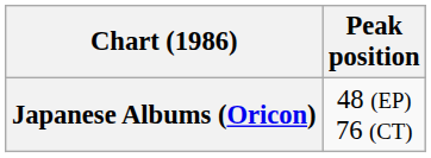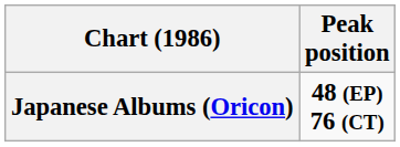 <table class="wikitable plainrowheaders" style="text-align:center">
 <tr>
 <th scope="col">Chart (1986)</th>
 <th scope="col">Peak<br> position</th>
 </tr>
 <tr>
 <th scope="row">Japanese Albums (<a href='#'>Oricon</a>)</th>
-<td>48 <small>(EP)</small><br>76 <small>(CT)</small></td>
+<td><strong>48 <small>(EP)</small><br>76 <small>(CT)</small></strong></td>
 </tr>
 </table>
